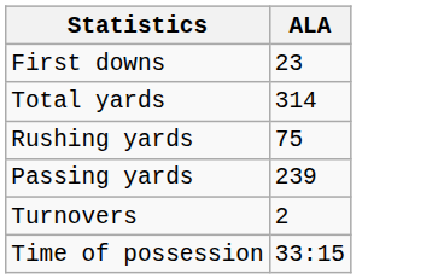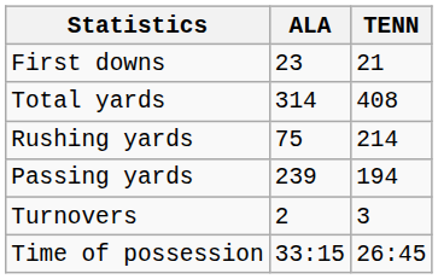 <table class="wikitable" style="float: left;">
 <tr>
 <th>Statistics</th>
 <th>ALA</th>
+<th>TENN</th>
 </tr>
 <tr>
 <td>First downs</td>
 <td>23</td>
+<td>21</td>
 </tr>
 <tr>
 <td>Total yards</td>
 <td>314</td>
+<td>408</td>
 </tr>
 <tr>
 <td>Rushing yards</td>
 <td>75</td>
+<td>214</td>
 </tr>
 <tr>
 <td>Passing yards</td>
 <td>239</td>
+<td>194</td>
 </tr>
 <tr>
 <td>Turnovers</td>
 <td>2</td>
+<td>3</td>
 </tr>
 <tr>
 <td>Time of possession</td>
 <td>33:15</td>
+<td>26:45</td>
 </tr>
 </table>
